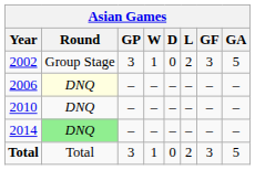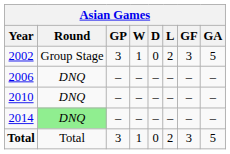 <table class="wikitable" style="text-align: center; font-size: 90%;">
 <tr>
 <th colspan=8><a href='#'>Asian Games</a></th>
 </tr>
 <tr>
 <th>Year</th>
 <th>Round</th>
 <th>GP</th>
 <th>W</th>
 <th>D</th>
 <th>L</th>
 <th>GF</th>
 <th>GA</th>
 </tr>
 <tr>
 <td> <a href='#'>2002</a></td>
 <td>Group Stage</td>
 <td>3</td>
 <td>1</td>
 <td>0</td>
 <td>2</td>
 <td>3</td>
 <td>5</td>
 </tr>
 <tr>
 <td> <a href='#'>2006</a></td>
-<td style="background: lightyellow;"><em>DNQ</em></td>
+<td><em>DNQ</em></td>
 <td>–</td>
 <td>–</td>
 <td>–</td>
 <td>–</td>
 <td>–</td>
 <td>–</td>
 </tr>
 <tr>
 <td> <a href='#'>2010</a></td>
 <td><em>DNQ</em></td>
 <td>–</td>
 <td>–</td>
 <td>–</td>
 <td>–</td>
 <td>–</td>
 <td>–</td>
 </tr>
 <tr>
 <td> <a href='#'>2014</a></td>
 <td style="background: lightgreen;"><em>DNQ</em></td>
 <td>–</td>
 <td>–</td>
 <td>–</td>
 <td>–</td>
 <td>–</td>
 <td>–</td>
 </tr>
 <tr>
 <td><strong>Total</strong></td>
 <td>Total</td>
 <td>3</td>
 <td>1</td>
 <td>0</td>
 <td>2</td>
 <td>3</td>
 <td>5</td>
 </tr>
 </table>
